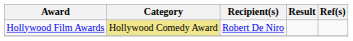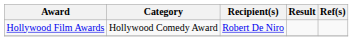 <table class="wikitable">
 <tr>
 <th>Award</th>
 <th>Category</th>
 <th>Recipient(s)</th>
 <th>Result</th>
 <th>Ref(s)</th>
 </tr>
 <tr>
 <td><a href='#'>Hollywood Film Awards</a></td>
-<td style="background: khaki;">Hollywood Comedy Award</td>
+<td>Hollywood Comedy Award</td>
 <td><a href='#'>Robert De Niro</a></td>
 <td></td>
 <td></td>
 </tr>
 <tr>
 </tr>
 </table>
